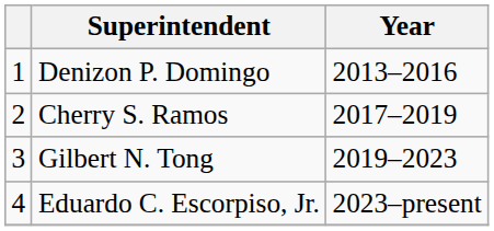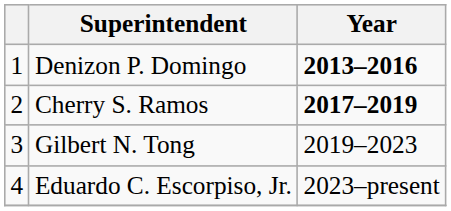 <table class="wikitable sortable">
 <tr>
 <th></th>
 <th>Superintendent</th>
 <th>Year</th>
 </tr>
 <tr>
 <td>1</td>
 <td>Denizon P. Domingo</td>
-<td>2013–2016</td>
+<td><strong>2013–2016</strong></td>
 </tr>
 <tr>
 <td>2</td>
 <td>Cherry S. Ramos</td>
-<td>2017–2019</td>
+<td><strong>2017–2019</strong></td>
 </tr>
 <tr>
 <td>3</td>
 <td>Gilbert N. Tong</td>
 <td>2019–2023</td>
 </tr>
 <tr>
 <td>4</td>
 <td>Eduardo C. Escorpiso, Jr.</td>
 <td>2023–present</td>
 </tr>
 <tr>
 </tr>
 </table>
